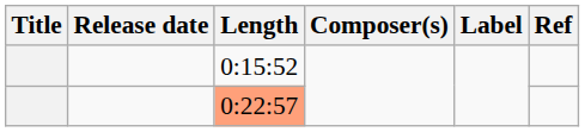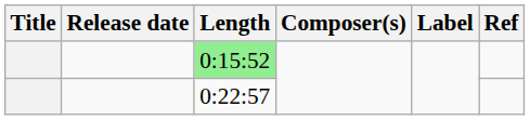 <table class="wikitable">
 <tr>
 <th>Title</th>
 <th>Release date</th>
 <th>Length</th>
 <th>Composer(s)</th>
 <th>Label</th>
 <th>Ref</th>
 </tr>
 <tr>
 <th></th>
 <td></td>
-<td>0:15:52</td>
+<td style="background: lightgreen;">0:15:52</td>
 <td rowspan="2"></td>
 <td rowspan="2"></td>
 <td></td>
 </tr>
 <tr>
 <th></th>
 <td></td>
-<td style="background: lightsalmon;">0:22:57</td>
+<td>0:22:57</td>
 <td></td>
 </tr>
 </table>
